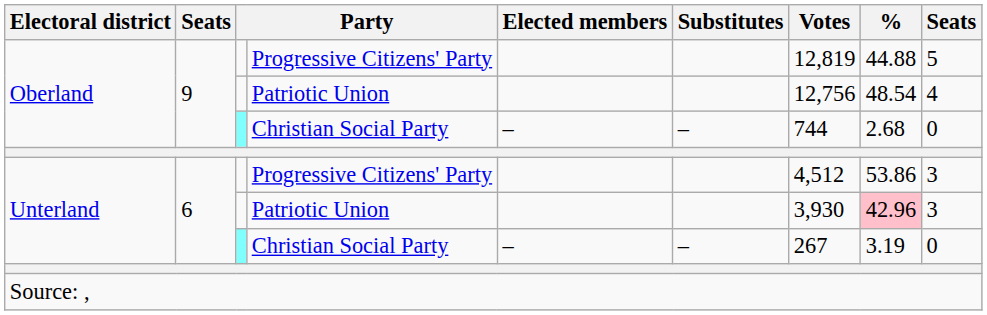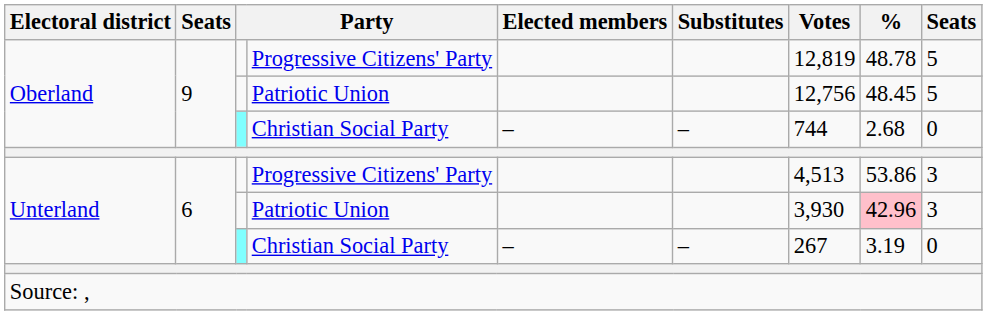 <table class="wikitable">
 <tr>
 <th>Electoral district</th>
 <th>Seats</th>
 <th colspan="2">Party</th>
 <th>Elected members</th>
 <th>Substitutes</th>
 <th>Votes</th>
 <th>%</th>
 <th>Seats</th>
 </tr>
 <tr>
 <td rowspan="3"><a href='#'>Oberland</a></td>
 <td rowspan="3">9</td>
 <td></td>
 <td><a href='#'>Progressive Citizens' Party</a></td>
 <td></td>
 <td></td>
 <td>12,819</td>
-<td>44.88</td>
+<td>48.78</td>
 <td>5</td>
 </tr>
 <tr>
 <td></td>
 <td><a href='#'>Patriotic Union</a></td>
 <td></td>
 <td></td>
 <td>12,756</td>
-<td>48.54</td>
-<td>4</td>
+<td>48.45</td>
+<td>5</td>
 </tr>
 <tr>
 <td bgcolor="#80FFFF"></td>
 <td><a href='#'>Christian Social Party</a></td>
 <td>–</td>
 <td>–</td>
 <td>744</td>
 <td>2.68</td>
 <td>0</td>
 </tr>
 <tr>
 <th colspan="9"></th>
 </tr>
 <tr>
 <td rowspan="3"><a href='#'>Unterland</a></td>
 <td rowspan="3">6</td>
 <td></td>
 <td><a href='#'>Progressive Citizens' Party</a></td>
 <td></td>
 <td></td>
-<td>4,512</td>
+<td>4,513</td>
 <td>53.86</td>
 <td>3</td>
 </tr>
 <tr>
 <td></td>
 <td><a href='#'>Patriotic Union</a></td>
 <td></td>
 <td></td>
 <td>3,930</td>
 <td style="background: pink;">42.96</td>
 <td>3</td>
 </tr>
 <tr>
 <td bgcolor="#80FFFF"></td>
 <td><a href='#'>Christian Social Party</a></td>
 <td>–</td>
 <td>–</td>
 <td>267</td>
 <td>3.19</td>
 <td>0</td>
 </tr>
 <tr>
 <th colspan="9"></th>
 </tr>
 <tr>
 <td colspan="9">Source: , </td>
 </tr>
 </table>
